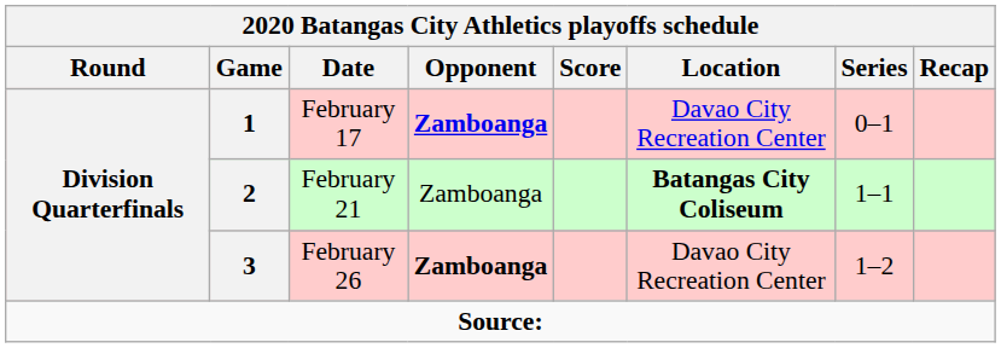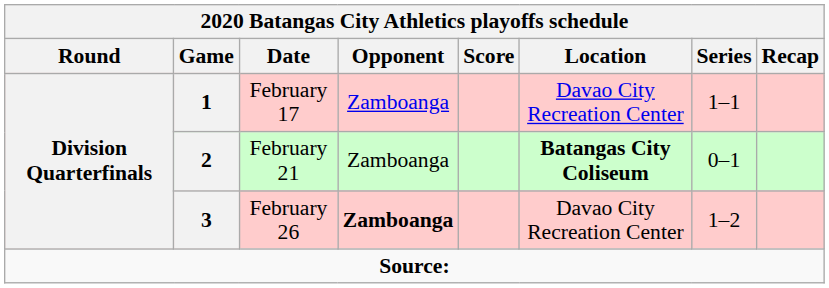 <table class="wikitable" style="text-align:center">
 <tr>
 <th colspan=8>2020 Batangas City Athletics playoffs schedule</th>
 </tr>
 <tr>
 <th>Round</th>
 <th>Game</th>
 <th>Date</th>
 <th>Opponent</th>
 <th>Score</th>
 <th>Location</th>
 <th>Series</th>
 <th>Recap<br></th>
 </tr>
 <tr style="background:#fcc">
 <th rowspan=3>Division Quarterfinals</th>
 <th>1</th>
 <td>February 17</td>
-<td><strong><a href='#'>Zamboanga</a></strong></td>
+<td><a href='#'>Zamboanga</a></td>
 <td></td>
 <td><a href='#'>Davao City Recreation Center</a></td>
-<td>0–1</td>
+<td>1–1</td>
 <td></td>
 </tr>
 <tr style="background:#cfc">
 <th>2</th>
 <td>February 21</td>
 <td>Zamboanga</td>
 <td></td>
 <td><strong>Batangas City Coliseum</strong></td>
-<td>1–1</td>
+<td>0–1</td>
 <td></td>
 </tr>
 <tr style="background:#fcc">
 <th>3</th>
 <td>February 26</td>
 <td><strong>Zamboanga</strong></td>
 <td></td>
 <td>Davao City Recreation Center</td>
 <td>1–2</td>
 <td></td>
 </tr>
 <tr>
 <td colspan=8 align=center><strong>Source: </strong></td>
 </tr>
 </table>
